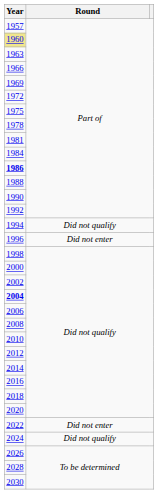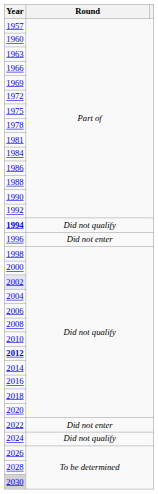 <table class="wikitable" style="text-align: center; font-size:90%">
 <tr>
 <th>Year</th>
 <th style="width:200px">Round</th>
 <th></th>
 </tr>
 <tr>
 <td><a href='#'>1957</a></td>
 <td colspan="2" rowspan="14"><em>Part of </em></td>
 </tr>
 <tr>
-<td style="background: khaki;"><a href='#'>1960</a></td>
+<td><a href='#'>1960</a></td>
 </tr>
 <tr>
 <td><a href='#'>1963</a></td>
 </tr>
 <tr>
 <td><a href='#'>1966</a></td>
 </tr>
 <tr>
 <td><a href='#'>1969</a></td>
 </tr>
 <tr>
 <td><a href='#'>1972</a></td>
 </tr>
 <tr>
 <td><a href='#'>1975</a></td>
 </tr>
 <tr>
 <td><a href='#'>1978</a></td>
 </tr>
 <tr>
 <td><a href='#'>1981</a></td>
 </tr>
 <tr>
 <td><a href='#'>1984</a></td>
 </tr>
 <tr>
-<td><strong><a href='#'>1986</a></strong></td>
+<td><a href='#'>1986</a></td>
 </tr>
 <tr>
 <td><a href='#'>1988</a></td>
 </tr>
 <tr>
 <td><a href='#'>1990</a></td>
 </tr>
 <tr>
 <td><a href='#'>1992</a></td>
 </tr>
 <tr>
-<td><a href='#'>1994</a></td>
+<td><strong><a href='#'>1994</a></strong></td>
 <td colspan="2"><em>Did not qualify</em></td>
 </tr>
 <tr>
 <td><a href='#'>1996</a></td>
 <td colspan="2"><em>Did not enter</em></td>
 </tr>
 <tr>
 <td><a href='#'>1998</a></td>
 <td colspan="2" rowspan="12"><em>Did not qualify</em></td>
 </tr>
 <tr>
 <td><a href='#'>2000</a></td>
 </tr>
 <tr>
-<td><a href='#'>2002</a></td>
+<td style="background: lavender;"><a href='#'>2002</a></td>
 </tr>
 <tr>
-<td><strong><a href='#'>2004</a></strong></td>
+<td><a href='#'>2004</a></td>
 </tr>
 <tr>
 <td><a href='#'>2006</a></td>
 </tr>
 <tr>
 <td><a href='#'>2008</a></td>
 </tr>
 <tr>
 <td><a href='#'>2010</a></td>
 </tr>
 <tr>
-<td><a href='#'>2012</a></td>
+<td><strong><a href='#'>2012</a></strong></td>
 </tr>
 <tr>
 <td><a href='#'>2014</a></td>
 </tr>
 <tr>
 <td><a href='#'>2016</a></td>
 </tr>
 <tr>
 <td><a href='#'>2018</a></td>
 </tr>
 <tr>
 <td><a href='#'>2020</a></td>
 </tr>
 <tr>
 <td><a href='#'>2022</a></td>
 <td colspan="2"><em>Did not enter</em></td>
 </tr>
 <tr>
 <td><a href='#'>2024</a></td>
 <td colspan="2"><em>Did not qualify</em></td>
 </tr>
 <tr>
 <td><a href='#'>2026</a></td>
 <td colspan="2" rowspan="3"><em>To be determined</em></td>
 </tr>
 <tr>
 <td><a href='#'>2028</a></td>
 </tr>
 <tr>
-<td><a href='#'>2030</a></td>
+<td style="background: lightgrey;"><a href='#'>2030</a></td>
 </tr>
 </table>
